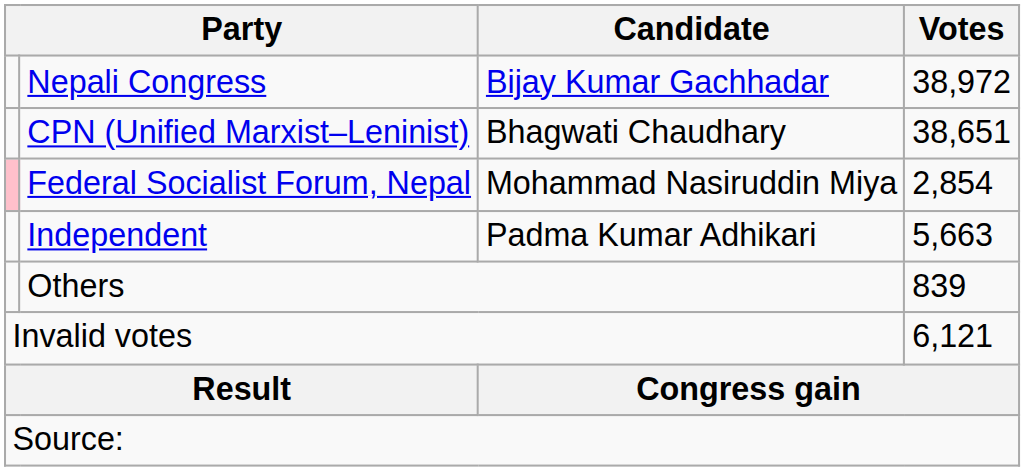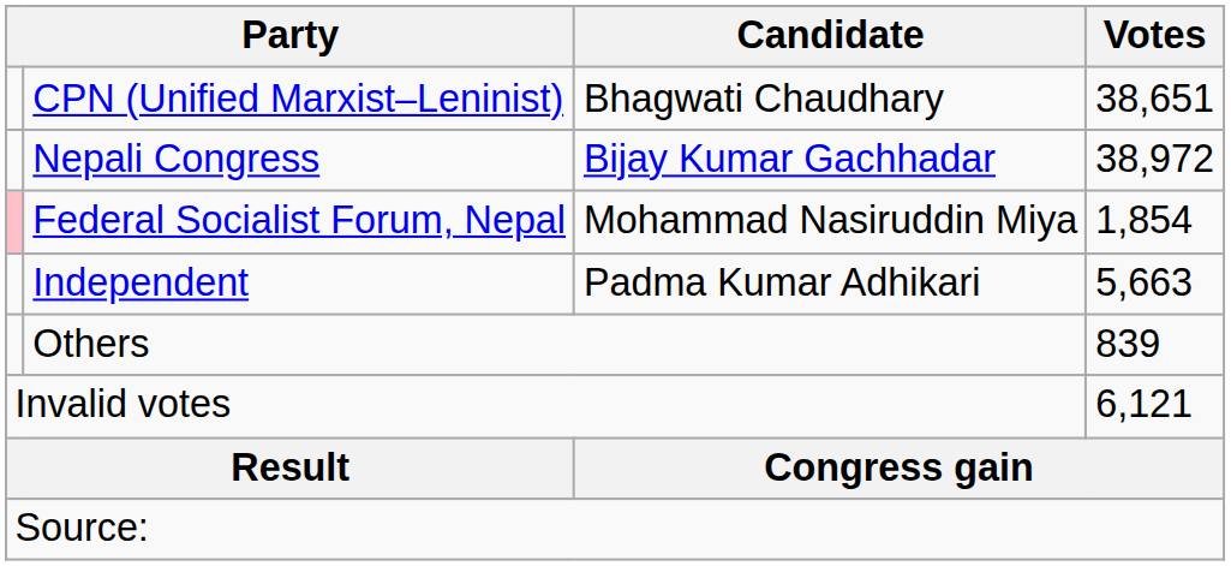 <table class="wikitable">
 <tr>
 <th colspan="2">Party</th>
 <th>Candidate</th>
 <th>Votes</th>
 </tr>
 <tr>
 <td style="background-color:"></td>
+<td><a href='#'>CPN (Unified Marxist–Leninist)</a></td>
+<td>Bhagwati Chaudhary</td>
+<td>38,651</td>
+</tr>
+<tr>
+<td style="background-color:"></td>
 <td><a href='#'>Nepali Congress</a></td>
 <td><a href='#'>Bijay Kumar Gachhadar</a></td>
 <td>38,972</td>
 </tr>
 <tr>
-<td style="background-color:"></td>
-<td><a href='#'>CPN (Unified Marxist–Leninist)</a></td>
-<td>Bhagwati Chaudhary</td>
-<td>38,651</td>
-</tr>
-<tr>
 <td style="background-color:#ffc0cb"></td>
 <td><a href='#'>Federal Socialist Forum, Nepal</a></td>
 <td>Mohammad Nasiruddin Miya</td>
-<td>2,854</td>
+<td>1,854</td>
 </tr>
 <tr>
 <td style="background-color:"></td>
 <td><a href='#'>Independent</a></td>
 <td>Padma Kumar Adhikari</td>
 <td>5,663</td>
 </tr>
 <tr>
 <td></td>
 <td colspan="2">Others</td>
 <td>839</td>
 </tr>
 <tr>
 <td colspan="3">Invalid votes</td>
 <td>6,121</td>
 </tr>
 <tr>
 <th colspan="2">Result</th>
 <th colspan="2">Congress gain</th>
 </tr>
 <tr>
 <td colspan="4">Source: </td>
 </tr>
 </table>
